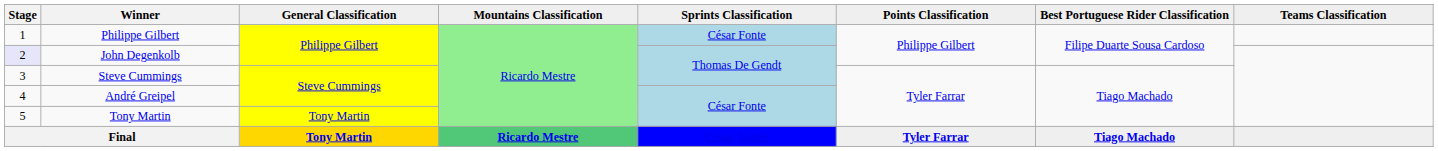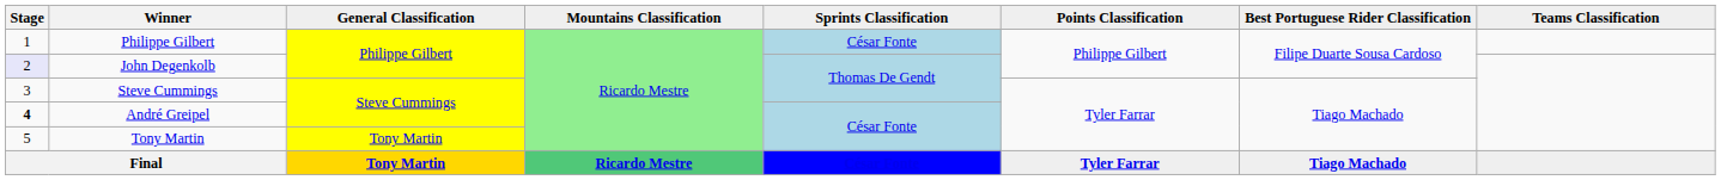 <table class="wikitable" style="text-align: center; font-size:smaller;">
 <tr style="background-color: #efefef;">
 <th width="1%">Stage</th>
 <th width="12%">Winner</th>
 <th style="background:#EFEFEF;" width="12%">General Classification<br></th>
 <th style="background:#EFEFEF;" width="12%">Mountains Classification<br></th>
 <th style="background:#EFEFEF"  width="12%">Sprints Classification<br></th>
 <th style="background:#EFEFEF"  width="12%">Points Classification<br></th>
 <th style="background:#EFEFEF"  width="12%">Best Portuguese Rider Classification</th>
 <th style="background:#EFEFEF;" width="12%">Teams Classification</th>
 </tr>
 <tr>
 <td>1</td>
 <td><a href='#'>Philippe Gilbert</a></td>
 <td style="background:yellow;" rowspan="2"><a href='#'>Philippe Gilbert</a></td>
 <td style="background:lightgreen;" rowspan="5"><a href='#'>Ricardo Mestre</a></td>
 <td style="background:lightblue;" rowspan="1"><a href='#'>César Fonte</a></td>
 <td rowspan="2"><a href='#'>Philippe Gilbert</a></td>
 <td rowspan="2"><a href='#'>Filipe Duarte Sousa Cardoso</a></td>
 <td rowspan="1"></td>
 </tr>
 <tr>
 <td style="background: lavender;">2</td>
 <td><a href='#'>John Degenkolb</a></td>
 <td style="background:lightblue;" rowspan="2"><a href='#'>Thomas De Gendt</a></td>
 <td rowspan="4"></td>
 </tr>
 <tr>
 <td>3</td>
 <td><a href='#'>Steve Cummings</a></td>
 <td style="background:yellow;" rowspan="2"><a href='#'>Steve Cummings</a></td>
 <td rowspan="3"><a href='#'>Tyler Farrar</a></td>
 <td rowspan="3"><a href='#'>Tiago Machado</a></td>
 </tr>
 <tr>
-<td>4</td>
+<td><strong>4</strong></td>
 <td><a href='#'>André Greipel</a></td>
 <td style="background:lightblue;" rowspan="2"><a href='#'>César Fonte</a></td>
 </tr>
 <tr>
 <td>5</td>
 <td><a href='#'>Tony Martin</a></td>
 <td style="background:yellow;" rowspan="1"><a href='#'>Tony Martin</a></td>
 </tr>
 <tr>
 <th colspan=2><strong>Final</strong></th>
 <td style="background:gold;" rowspan="1"><strong><a href='#'>Tony Martin</a></strong></td>
 <td style="background:#50C878;" rowspan="1"><strong><a href='#'>Ricardo Mestre</a></strong></td>
 <td style="background:blue; color: #FFFFFF;" rowspan="1"><strong><a href='#'>César Fonte</a></strong></td>
 <td style="background:#EFEFEF;" rowspan="1"><strong><a href='#'>Tyler Farrar</a></strong></td>
 <td style="background:#EFEFEF" rowspan="1"><strong><a href='#'>Tiago Machado</a></strong></td>
 <td style="background:#EFEFEF;" rowspan="1"><strong></strong></td>
 </tr>
 </table>
